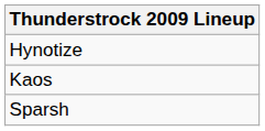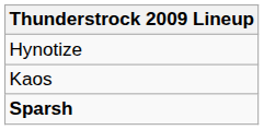 <table class="wikitable">
 <tr>
 <th>Thunderstrock 2009 Lineup</th>
 </tr>
 <tr>
 <td>Hynotize</td>
 </tr>
 <tr>
 <td>Kaos</td>
 </tr>
 <tr>
-<td>Sparsh</td>
+<td><strong>Sparsh</strong></td>
 </tr>
 </table>
